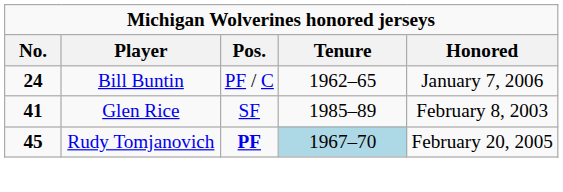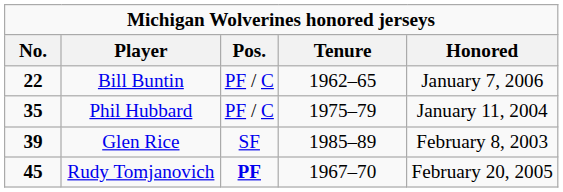 <table class="wikitable sortable" style="text-align:center">
 <tr>
 <td colspan="5"><strong>Michigan Wolverines honored jerseys</strong></td>
 </tr>
 <tr>
 <th width=40px>No.</th>
 <th width=125px>Player</th>
 <th>Pos.</th>
 <th width=100px>Tenure</th>
 <th>Honored</th>
 </tr>
 <tr>
-<td><strong>24</strong></td>
+<td><strong>22</strong></td>
 <td><a href='#'>Bill Buntin</a></td>
 <td><a href='#'>PF</a> / <a href='#'>C</a></td>
 <td>1962–65</td>
 <td>January 7, 2006</td>
 </tr>
 <tr>
-<td><strong>41</strong></td>
+<td><strong>35</strong></td>
+<td><a href='#'>Phil Hubbard</a></td>
+<td><a href='#'>PF</a> / <a href='#'>C</a></td>
+<td>1975–79</td>
+<td>January 11, 2004</td>
+</tr>
+<tr>
+<td><strong>39</strong></td>
 <td><a href='#'>Glen Rice</a></td>
 <td><a href='#'>SF</a></td>
 <td>1985–89</td>
 <td>February 8, 2003</td>
 </tr>
 <tr>
 <td><strong>45</strong></td>
 <td><a href='#'>Rudy Tomjanovich</a></td>
 <td><strong><a href='#'>PF</a></strong></td>
-<td style="background: lightblue;">1967–70</td>
+<td>1967–70</td>
 <td>February 20, 2005 </td>
 </tr>
 </table>
